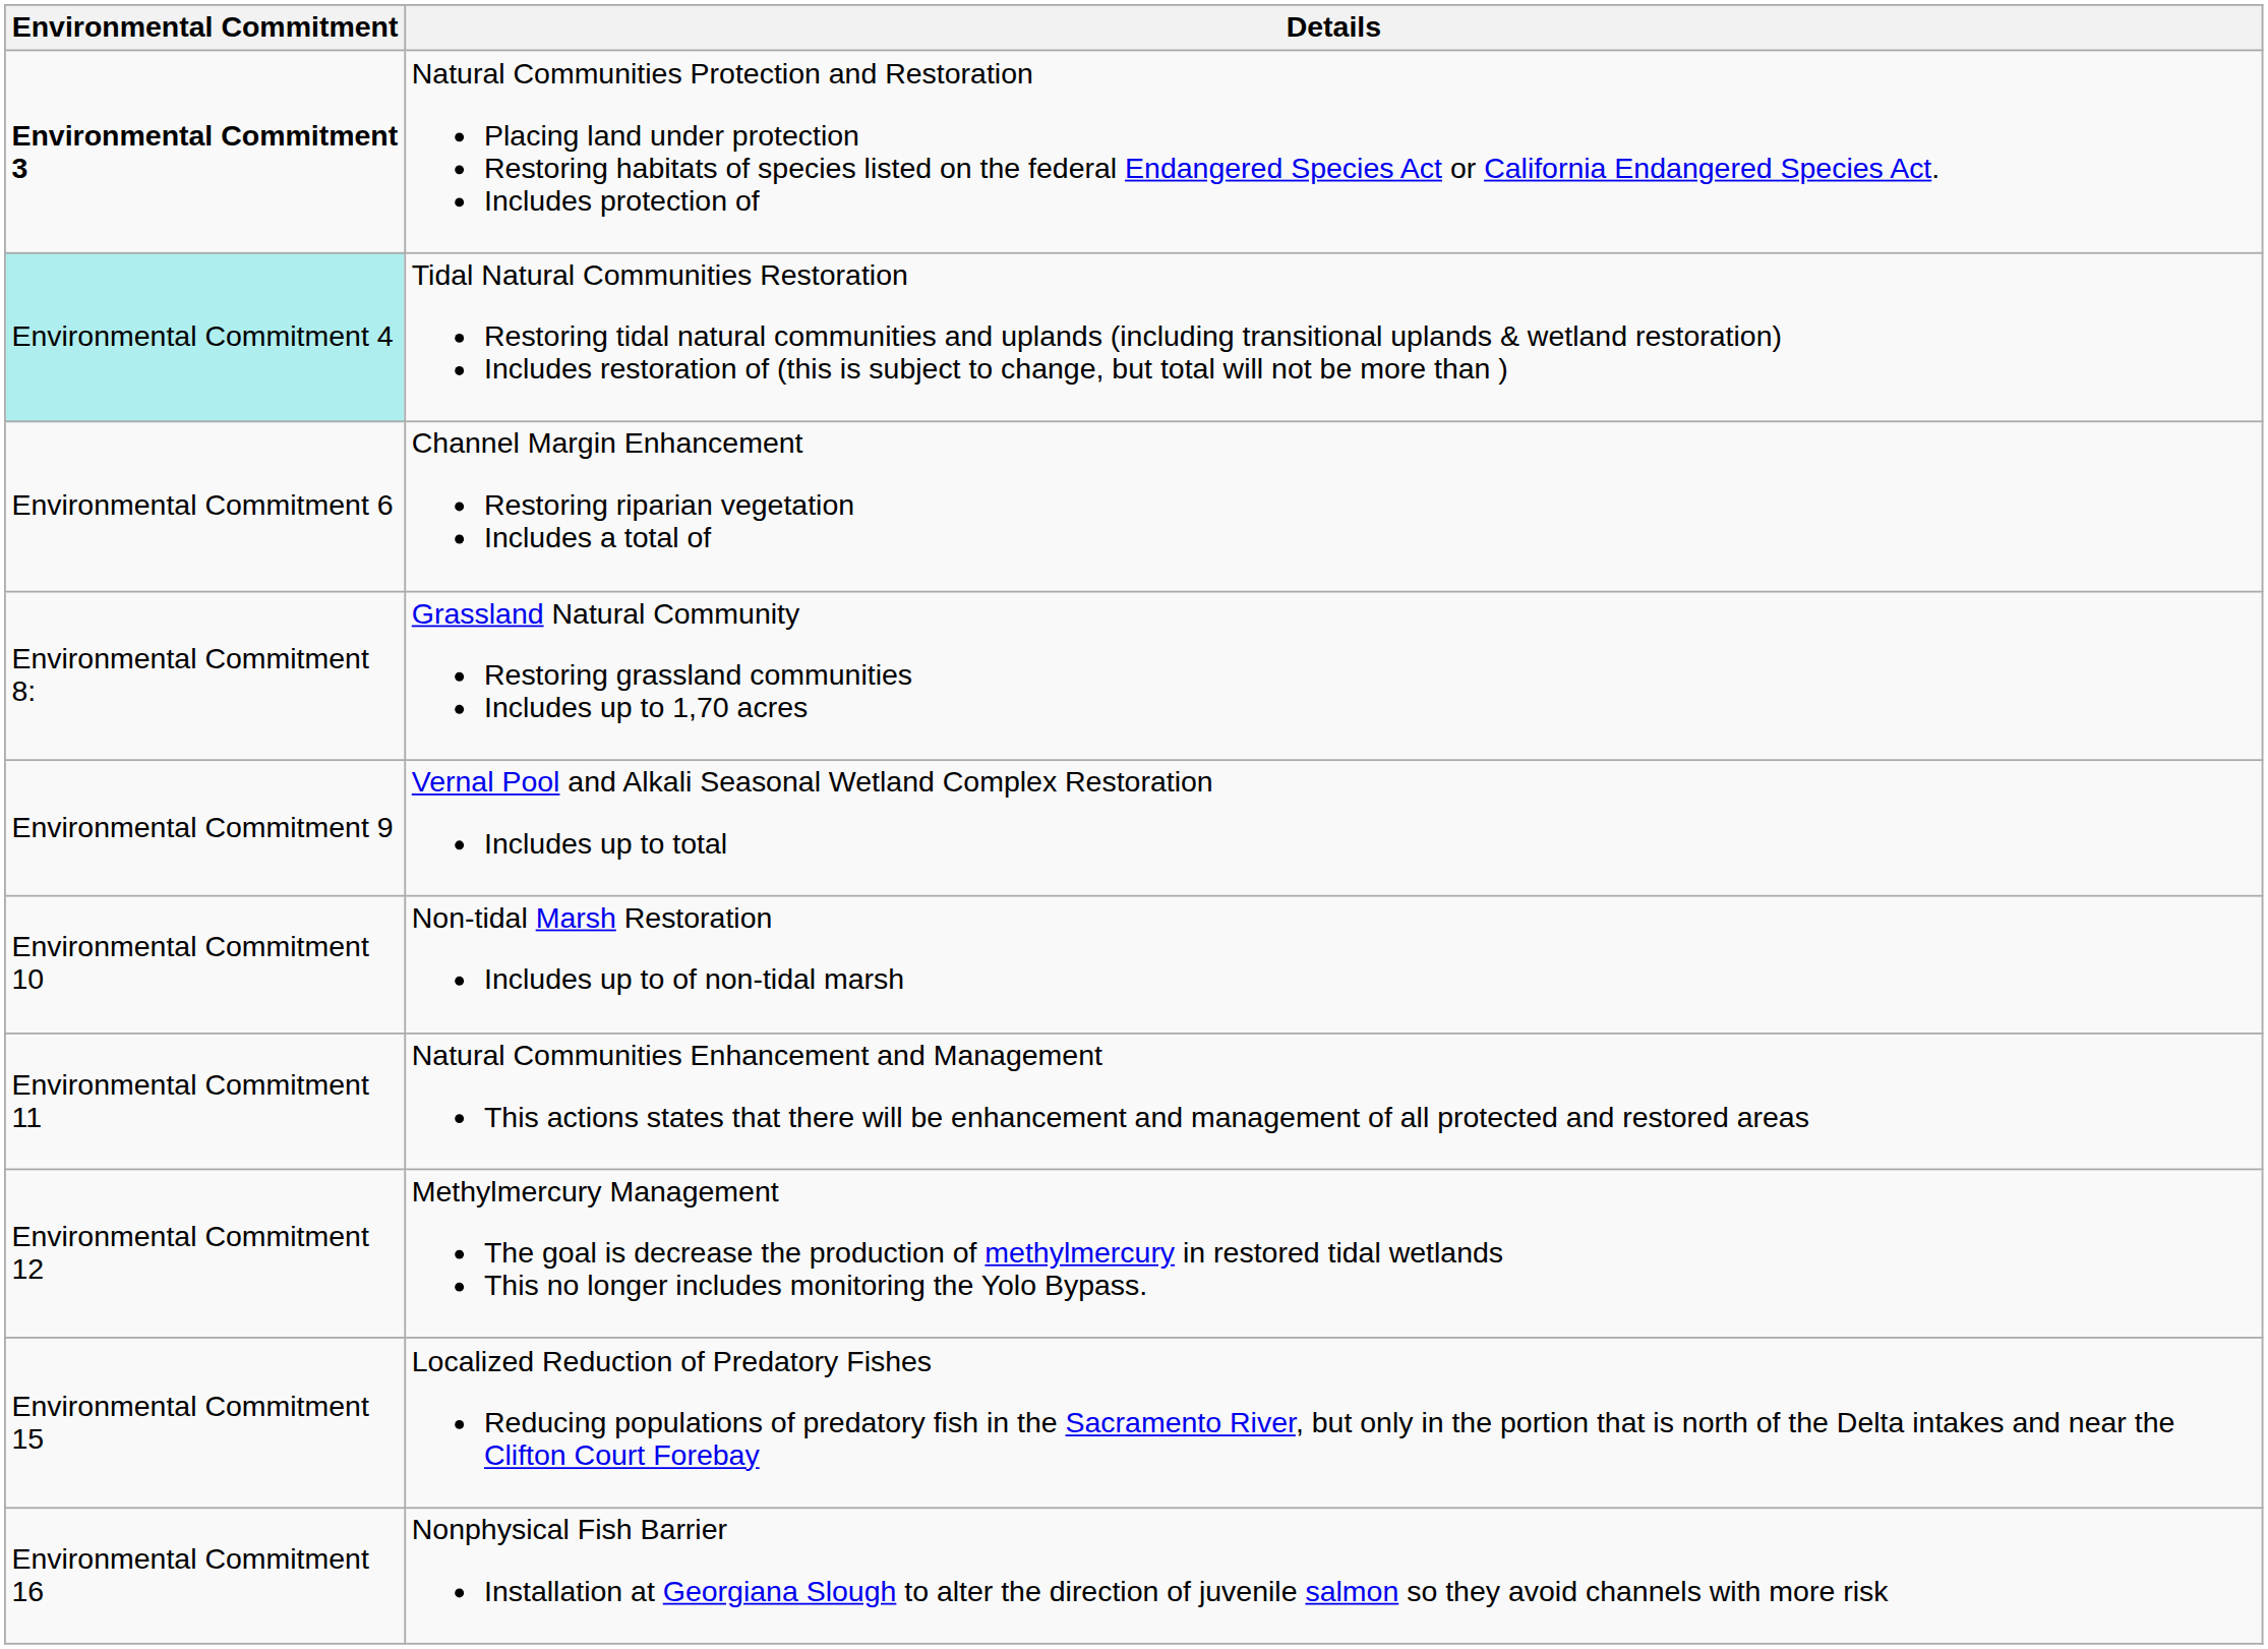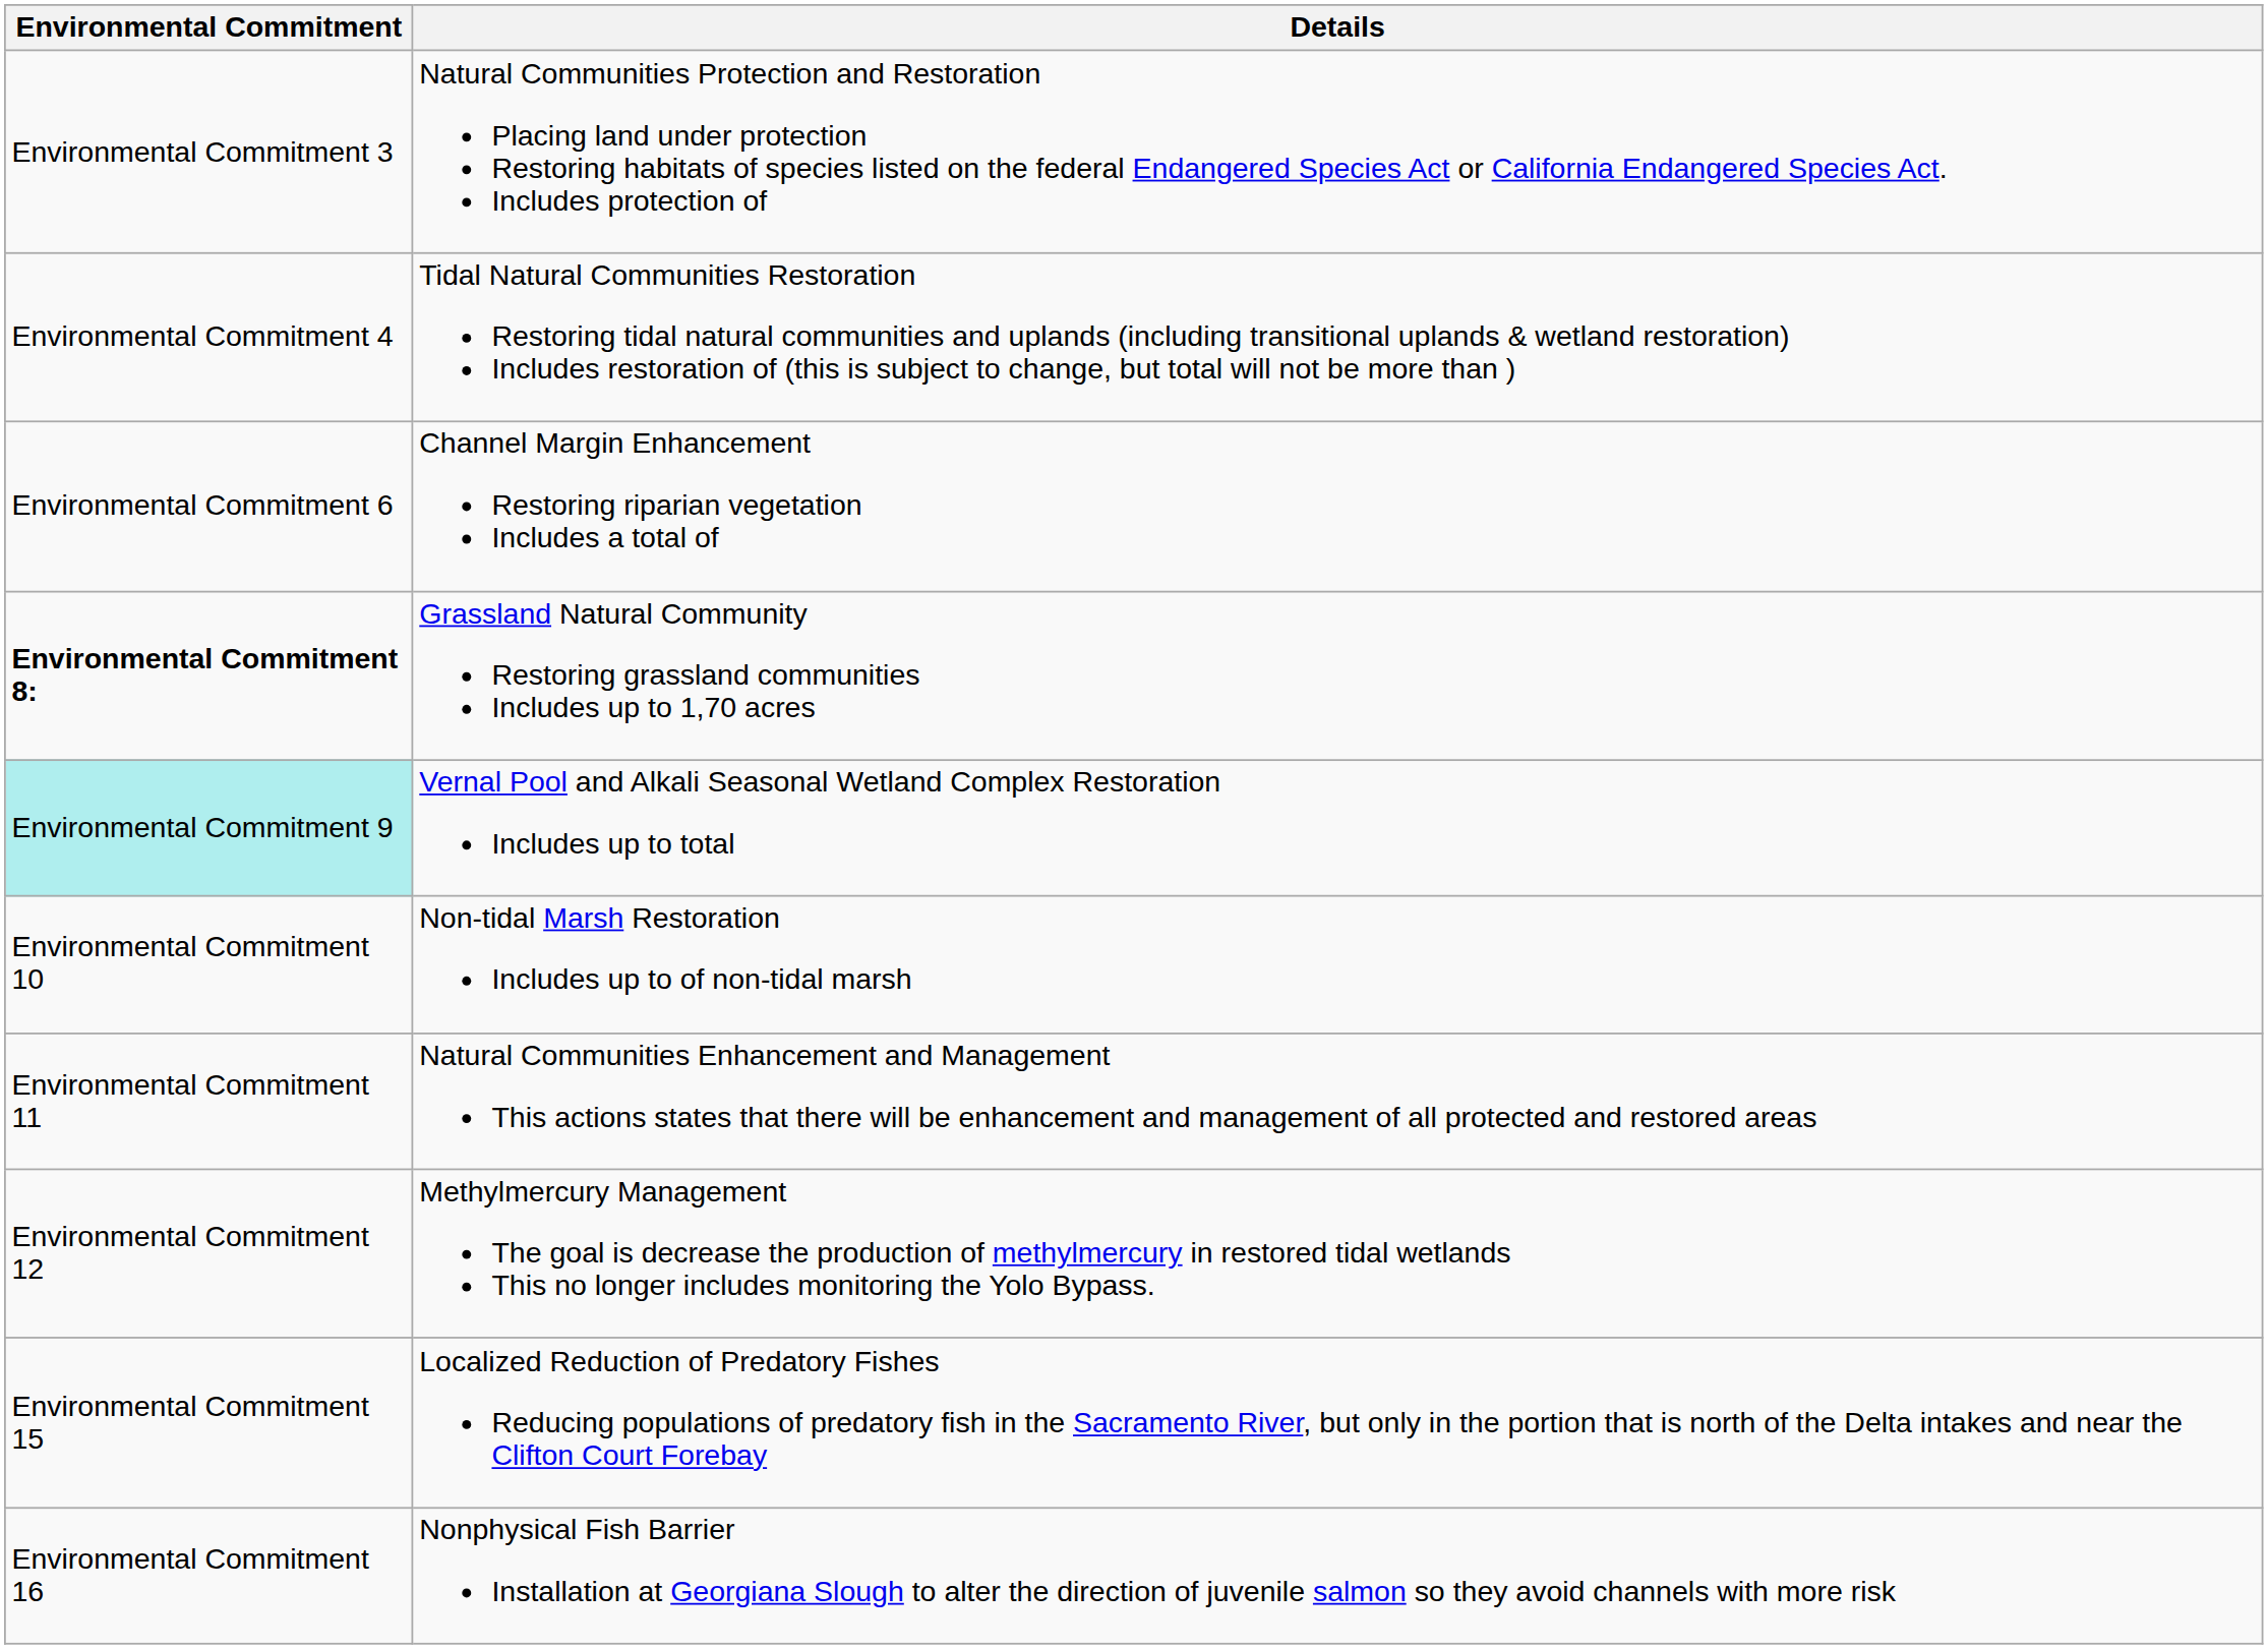 <table class="wikitable">
 <tr>
 <th>Environmental Commitment</th>
 <th>Details</th>
 </tr>
 <tr>
-<td><strong>Environmental Commitment 3</strong></td>
+<td>Environmental Commitment 3</td>
 <td>Natural Communities Protection and Restoration<br><ul><li>Placing land under protection</li><li>Restoring habitats of species listed on the federal <a href='#'>Endangered Species Act</a> or <a href='#'>California Endangered Species Act</a>.</li><li>Includes protection of </li></ul></td>
 </tr>
 <tr>
-<td style="background: paleturquoise;">Environmental Commitment 4</td>
+<td>Environmental Commitment 4</td>
 <td>Tidal Natural Communities Restoration<br><ul><li>Restoring tidal natural communities and uplands (including transitional uplands & wetland restoration)</li><li>Includes restoration of  (this is subject to change, but total will not be more than )</li></ul></td>
 </tr>
 <tr>
 <td>Environmental Commitment 6</td>
 <td>Channel Margin Enhancement<br><ul><li>Restoring riparian vegetation</li><li>Includes a total of </li></ul></td>
 </tr>
 <tr>
-<td>Environmental Commitment 8:</td>
+<td><strong>Environmental Commitment 8:</strong></td>
 <td><a href='#'>Grassland</a> Natural Community<br><ul><li>Restoring grassland communities</li><li>Includes up to 1,70 acres</li></ul></td>
 </tr>
 <tr>
-<td>Environmental Commitment 9</td>
+<td style="background: paleturquoise;">Environmental Commitment 9</td>
 <td><a href='#'>Vernal Pool</a> and Alkali Seasonal Wetland Complex Restoration<br><ul><li>Includes up to  total</li></ul></td>
 </tr>
 <tr>
 <td>Environmental Commitment 10</td>
 <td>Non-tidal <a href='#'>Marsh</a> Restoration<br><ul><li>Includes up to  of non-tidal marsh</li></ul></td>
 </tr>
 <tr>
 <td>Environmental Commitment 11</td>
 <td>Natural Communities Enhancement and Management<br><ul><li>This actions states that there will be enhancement and management of all protected and restored areas</li></ul></td>
 </tr>
 <tr>
 <td>Environmental Commitment 12</td>
 <td>Methylmercury Management<br><ul><li>The goal is decrease the production of <a href='#'>methylmercury</a> in restored tidal wetlands</li><li>This no longer includes monitoring the Yolo Bypass.</li></ul></td>
 </tr>
 <tr>
 <td>Environmental Commitment 15</td>
 <td>Localized Reduction of Predatory Fishes<br><ul><li>Reducing populations of predatory fish in the <a href='#'>Sacramento River</a>, but only in the portion that is north of the Delta intakes and near the <a href='#'>Clifton Court Forebay</a></li></ul></td>
 </tr>
 <tr>
 <td>Environmental Commitment 16</td>
 <td>Nonphysical Fish Barrier<br><ul><li>Installation at <a href='#'>Georgiana Slough</a> to alter the direction of juvenile <a href='#'>salmon</a> so they avoid channels with more risk</li></ul></td>
 </tr>
 </table>
